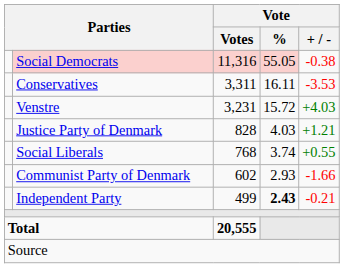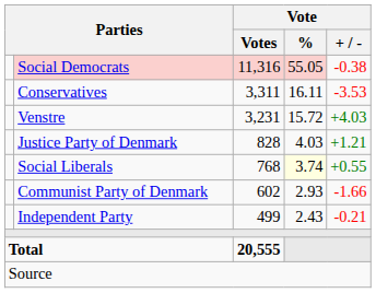 <table class="wikitable" style="text-align:right;">
 <tr>
 <th style="text-align:centre;" rowspan="2" colspan="2" width="225">Parties</th>
 <th colspan="3">Vote</th>
 </tr>
 <tr>
 <th width="15">Votes</th>
 <th width="15">%</th>
 <th width="15">+ / -</th>
 </tr>
 <tr>
 <td width="2" style="color:inherit;background:"></td>
 <td bgcolor=#fbd0ce  align="left"><a href='#'>Social Democrats</a></td>
 <td bgcolor=#fbd0ce>11,316</td>
 <td bgcolor=#fbd0ce>55.05</td>
 <td style=color:red;>-0.38</td>
 </tr>
 <tr>
 <td width="2" style="color:inherit;background:"></td>
 <td align="left"><a href='#'>Conservatives</a></td>
 <td>3,311</td>
 <td>16.11</td>
 <td style=color:red;>-3.53</td>
 </tr>
 <tr>
 <td width="2" style="color:inherit;background:"></td>
 <td align="left"><a href='#'>Venstre</a></td>
 <td>3,231</td>
 <td>15.72</td>
 <td style=color:green;>+4.03</td>
 </tr>
 <tr>
 <td width="2" style="color:inherit;background:"></td>
 <td align="left"><a href='#'>Justice Party of Denmark</a></td>
 <td>828</td>
 <td>4.03</td>
 <td style=color:green;>+1.21</td>
 </tr>
 <tr>
 <td width="2" style="color:inherit;background:"></td>
 <td align="left"><a href='#'>Social Liberals</a></td>
 <td>768</td>
-<td>3.74</td>
+<td style="background: lightyellow;">3.74</td>
 <td style=color:green;>+0.55</td>
 </tr>
 <tr>
 <td width="2" style="color:inherit;background:"></td>
 <td align="left"><a href='#'>Communist Party of Denmark</a></td>
 <td>602</td>
 <td>2.93</td>
 <td style=color:red;>-1.66</td>
 </tr>
 <tr>
 <td width="2" style="color:inherit;background:"></td>
 <td align="left"><a href='#'>Independent Party</a></td>
 <td>499</td>
-<td><strong>2.43</strong></td>
+<td>2.43</td>
 <td style=color:red;>-0.21</td>
 </tr>
 <tr>
 <td colspan="7" bgcolor="#E9E9E9"></td>
 </tr>
 <tr>
 <td align="left" colspan="2"><strong>Total</strong></td>
 <td><strong>20,555</strong></td>
 <td bgcolor="#E9E9E9" colspan="2"></td>
 </tr>
 <tr>
 <td align="left" colspan="6">Source</td>
 </tr>
 </table>
